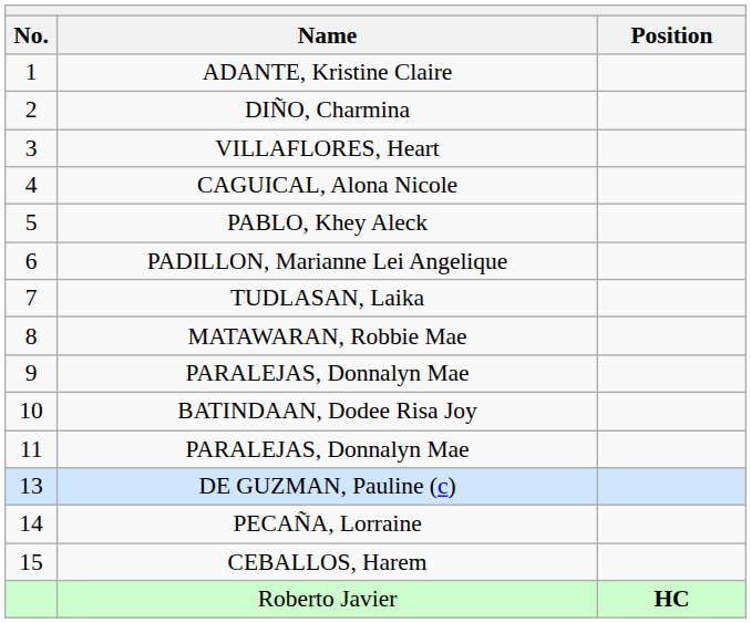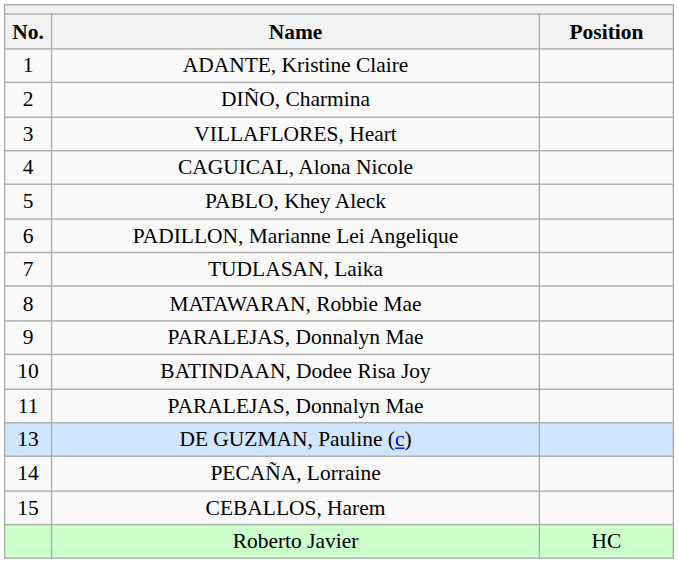 <table class="wikitable mw-collapsible mw-collapsed" style="text-align:center; width:500px; border:none">
 <tr>
 <th style="text-align:left" colspan="3"></th>
 </tr>
 <tr>
 <th style="width:7%">No.</th>
 <th>Name</th>
 <th style="width:20%">Position</th>
 </tr>
 <tr>
 <td>1</td>
 <td>ADANTE, Kristine Claire</td>
 <td></td>
 </tr>
 <tr>
 <td>2</td>
 <td>DIÑO, Charmina</td>
 <td></td>
 </tr>
 <tr>
 <td>3</td>
 <td>VILLAFLORES, Heart</td>
 <td></td>
 </tr>
 <tr>
 <td>4</td>
 <td>CAGUICAL, Alona Nicole</td>
 <td></td>
 </tr>
 <tr>
 <td>5</td>
 <td>PABLO, Khey Aleck</td>
 <td></td>
 </tr>
 <tr>
 <td>6</td>
 <td>PADILLON, Marianne Lei Angelique</td>
 <td></td>
 </tr>
 <tr>
 <td>7</td>
 <td>TUDLASAN, Laika</td>
 <td></td>
 </tr>
 <tr>
 <td>8</td>
 <td>MATAWARAN, Robbie Mae</td>
 <td></td>
 </tr>
 <tr>
 <td>9</td>
 <td>PARALEJAS, Donnalyn Mae</td>
 <td></td>
 </tr>
 <tr>
 <td>10</td>
 <td>BATINDAAN, Dodee Risa Joy</td>
 <td></td>
 </tr>
 <tr>
 <td>11</td>
 <td>PARALEJAS, Donnalyn Mae</td>
 <td></td>
 </tr>
 <tr bgcolor=#DOE6FF>
 <td>13</td>
 <td>DE GUZMAN, Pauline (<a href='#'>c</a>)</td>
 <td></td>
 </tr>
 <tr>
 <td>14</td>
 <td>PECAÑA, Lorraine</td>
 <td></td>
 </tr>
 <tr>
 <td>15</td>
 <td>CEBALLOS, Harem</td>
 <td></td>
 </tr>
 <tr bgcolor=#CCFFCC>
 <td></td>
 <td>Roberto Javier</td>
-<td><strong>HC</strong></td>
+<td>HC</td>
 </tr>
 </table>
